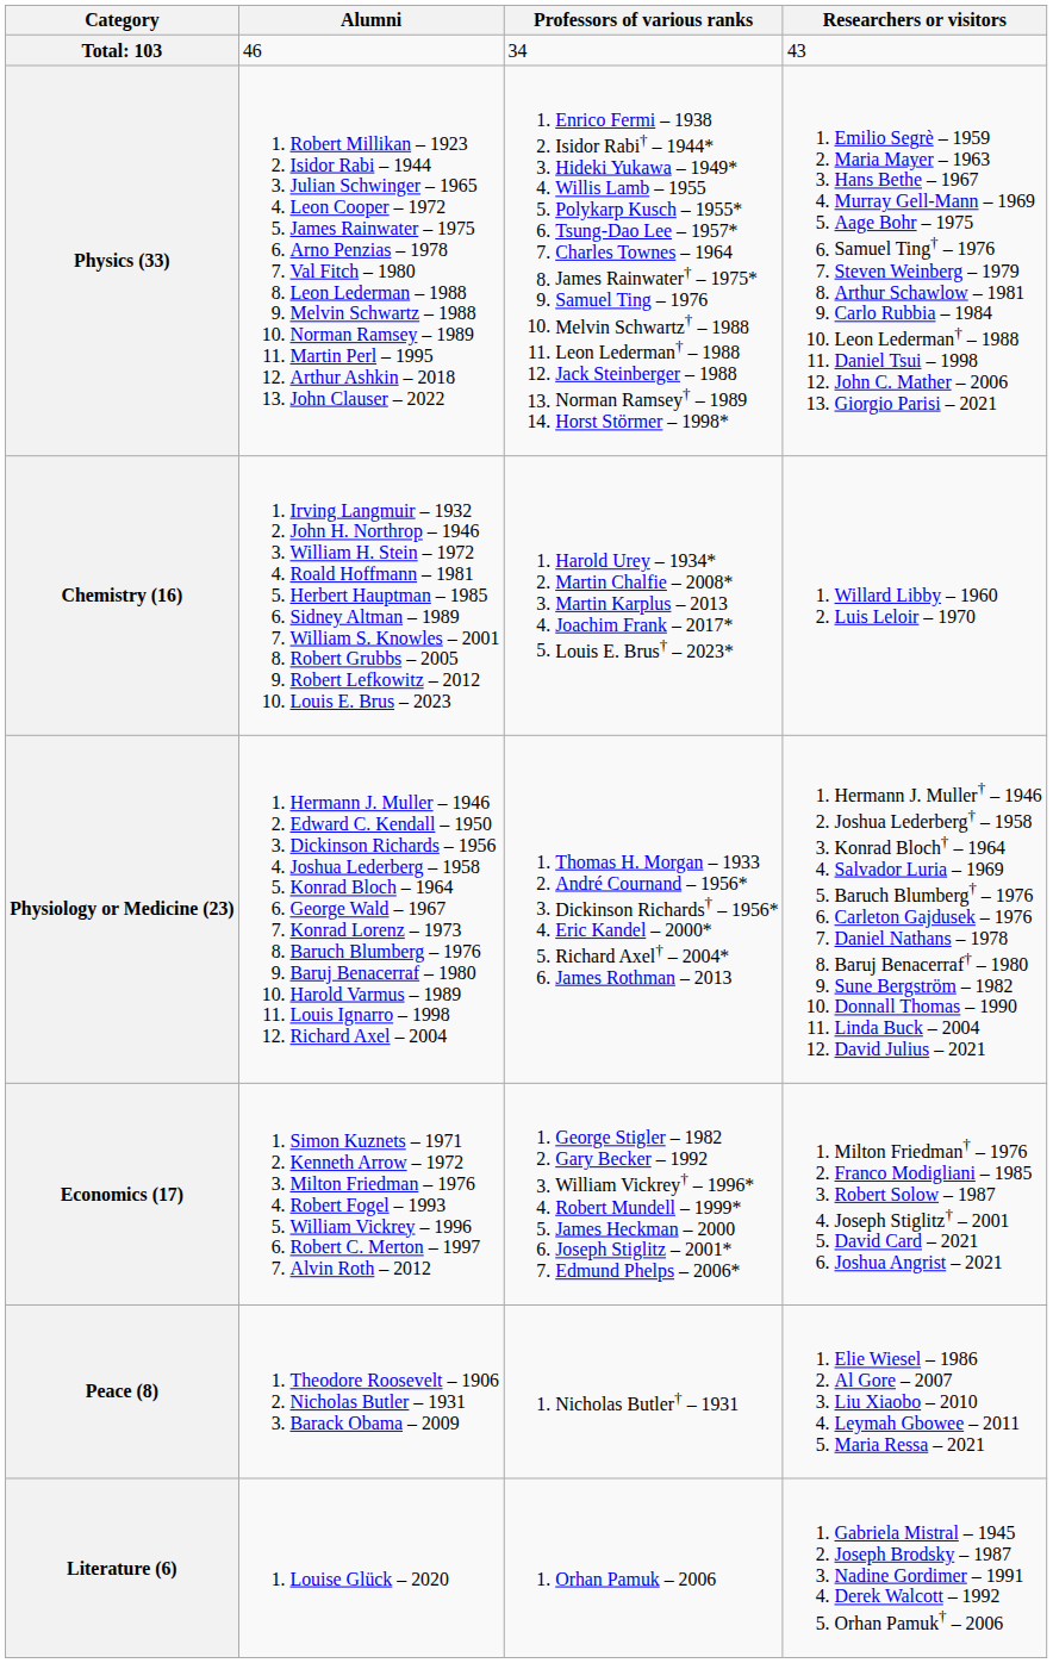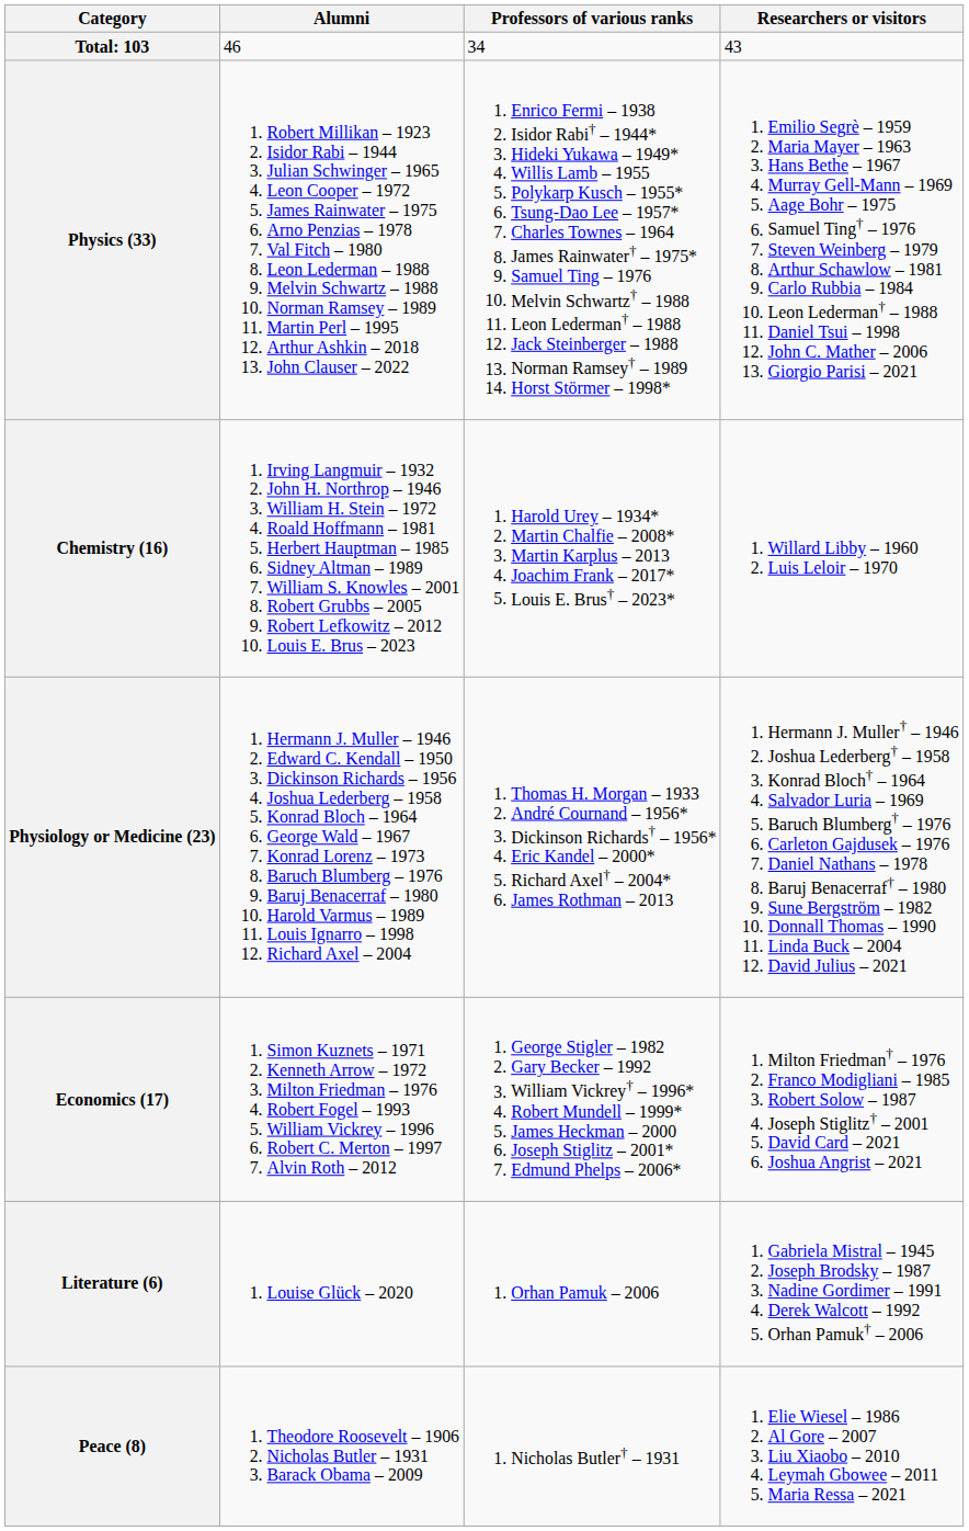 <table class="wikitable">
 <tr>
 <th scope=col>Category</th>
 <th scope=col>Alumni</th>
 <th scope=col>Professors of various ranks</th>
 <th scope=col>Researchers or visitors</th>
 </tr>
 <tr>
 <th scope=row><strong>Total</strong>: 103</th>
 <td>46</td>
 <td>34</td>
 <td>43</td>
 </tr>
 <tr>
 <th scope=row>Physics (33)</th>
 <td><br><ol><li><a href='#'>Robert Millikan</a> – 1923</li><li><a href='#'>Isidor Rabi</a> – 1944</li><li><a href='#'>Julian Schwinger</a> – 1965</li><li><a href='#'>Leon Cooper</a> – 1972</li><li><a href='#'>James Rainwater</a> – 1975</li><li><a href='#'>Arno Penzias</a> – 1978</li><li><a href='#'>Val Fitch</a> – 1980</li><li><a href='#'>Leon Lederman</a> – 1988</li><li><a href='#'>Melvin Schwartz</a> – 1988</li><li><a href='#'>Norman Ramsey</a> – 1989</li><li><a href='#'>Martin Perl</a> – 1995</li><li><a href='#'>Arthur Ashkin</a> – 2018</li><li><a href='#'>John Clauser</a> – 2022</li></ol></td>
 <td><br><ol><li><a href='#'>Enrico Fermi</a> – 1938</li><li>Isidor Rabi<sup>†</sup> – 1944*</li><li><a href='#'>Hideki Yukawa</a> – 1949*</li><li><a href='#'>Willis Lamb</a> – 1955</li><li><a href='#'>Polykarp Kusch</a> – 1955*</li><li><a href='#'>Tsung-Dao Lee</a> – 1957*</li><li><a href='#'>Charles Townes</a> – 1964</li><li>James Rainwater<sup>†</sup> – 1975*</li><li><a href='#'>Samuel Ting</a> – 1976</li><li>Melvin Schwartz<sup>†</sup> – 1988</li><li>Leon Lederman<sup>†</sup> – 1988</li><li><a href='#'>Jack Steinberger</a> – 1988</li><li>Norman Ramsey<sup>†</sup> – 1989</li><li><a href='#'>Horst Störmer</a> – 1998*</li></ol></td>
 <td><br><ol><li><a href='#'>Emilio Segrè</a> – 1959</li><li><a href='#'>Maria Mayer</a> – 1963</li><li><a href='#'>Hans Bethe</a> – 1967</li><li><a href='#'>Murray Gell-Mann</a> – 1969</li><li><a href='#'>Aage Bohr</a> – 1975</li><li>Samuel Ting<sup>†</sup> – 1976</li><li><a href='#'>Steven Weinberg</a> – 1979</li><li><a href='#'>Arthur Schawlow</a> – 1981</li><li><a href='#'>Carlo Rubbia</a> – 1984</li><li>Leon Lederman<sup>†</sup> – 1988</li><li><a href='#'>Daniel Tsui</a> – 1998</li><li><a href='#'>John C. Mather</a> – 2006</li><li><a href='#'>Giorgio Parisi</a> – 2021</li></ol></td>
 </tr>
 <tr>
 <th scope=row>Chemistry (16)</th>
 <td><br><ol><li><a href='#'>Irving Langmuir</a> – 1932</li><li><a href='#'>John H. Northrop</a> – 1946</li><li><a href='#'>William H. Stein</a> – 1972</li><li><a href='#'>Roald Hoffmann</a> – 1981</li><li><a href='#'>Herbert Hauptman</a> – 1985</li><li><a href='#'>Sidney Altman</a> – 1989</li><li><a href='#'>William S. Knowles</a> – 2001</li><li><a href='#'>Robert Grubbs</a> – 2005</li><li><a href='#'>Robert Lefkowitz</a> – 2012</li><li><a href='#'>Louis E. Brus</a> – 2023</li></ol></td>
 <td><br><ol><li><a href='#'>Harold Urey</a> – 1934*</li><li><a href='#'>Martin Chalfie</a> – 2008*</li><li><a href='#'>Martin Karplus</a> – 2013</li><li><a href='#'>Joachim Frank</a> – 2017*</li><li>Louis E. Brus<sup>†</sup> – 2023*</li></ol></td>
 <td><br><ol><li><a href='#'>Willard Libby</a> – 1960</li><li><a href='#'>Luis Leloir</a> – 1970</li></ol></td>
 </tr>
 <tr>
 <th scope=row>Physiology or Medicine (23)</th>
 <td><br><ol><li><a href='#'>Hermann J. Muller</a> – 1946</li><li><a href='#'>Edward C. Kendall</a> – 1950</li><li><a href='#'>Dickinson Richards</a> – 1956</li><li><a href='#'>Joshua Lederberg</a> – 1958</li><li><a href='#'>Konrad Bloch</a> – 1964</li><li><a href='#'>George Wald</a> – 1967</li><li><a href='#'>Konrad Lorenz</a> – 1973</li><li><a href='#'>Baruch Blumberg</a> – 1976</li><li><a href='#'>Baruj Benacerraf</a> – 1980</li><li><a href='#'>Harold Varmus</a> – 1989</li><li><a href='#'>Louis Ignarro</a> – 1998</li><li><a href='#'>Richard Axel</a> – 2004</li></ol></td>
 <td><br><ol><li><a href='#'>Thomas H. Morgan</a> – 1933</li><li><a href='#'>André Cournand</a> – 1956*</li><li>Dickinson Richards<sup>†</sup> – 1956*</li><li><a href='#'>Eric Kandel</a> – 2000*</li><li>Richard Axel<sup>†</sup> – 2004*</li><li><a href='#'>James Rothman</a> – 2013</li></ol></td>
 <td><br><ol><li>Hermann J. Muller<sup>†</sup> – 1946</li><li>Joshua Lederberg<sup>†</sup> – 1958</li><li>Konrad Bloch<sup>†</sup> – 1964</li><li><a href='#'>Salvador Luria</a> – 1969</li><li>Baruch Blumberg<sup>†</sup> – 1976</li><li><a href='#'>Carleton Gajdusek</a> – 1976</li><li><a href='#'>Daniel Nathans</a> – 1978</li><li>Baruj Benacerraf<sup>†</sup> – 1980</li><li><a href='#'>Sune Bergström</a> – 1982</li><li><a href='#'>Donnall Thomas</a> – 1990</li><li><a href='#'>Linda Buck</a> – 2004</li><li><a href='#'>David Julius</a> – 2021</li></ol></td>
 </tr>
 <tr>
 <th scope=row>Economics (17)</th>
 <td><br><ol><li><a href='#'>Simon Kuznets</a> – 1971</li><li><a href='#'>Kenneth Arrow</a> – 1972</li><li><a href='#'>Milton Friedman</a> – 1976</li><li><a href='#'>Robert Fogel</a> – 1993</li><li><a href='#'>William Vickrey</a> – 1996</li><li><a href='#'>Robert C. Merton</a> – 1997</li><li><a href='#'>Alvin Roth</a> – 2012</li></ol></td>
 <td><br><ol><li><a href='#'>George Stigler</a> – 1982</li><li><a href='#'>Gary Becker</a> – 1992</li><li>William Vickrey<sup>†</sup> – 1996*</li><li><a href='#'>Robert Mundell</a> – 1999*</li><li><a href='#'>James Heckman</a> – 2000</li><li><a href='#'>Joseph Stiglitz</a> – 2001*</li><li><a href='#'>Edmund Phelps</a> – 2006*</li></ol></td>
 <td><br><ol><li>Milton Friedman<sup>†</sup> – 1976</li><li><a href='#'>Franco Modigliani</a> – 1985</li><li><a href='#'>Robert Solow</a> – 1987</li><li>Joseph Stiglitz<sup>†</sup> – 2001</li><li><a href='#'>David Card</a> – 2021</li><li><a href='#'>Joshua Angrist</a> – 2021</li></ol></td>
 </tr>
 <tr>
+<th scope=row>Literature (6)</th>
+<td><br><ol><li><a href='#'>Louise Glück</a> – 2020</li></ol></td>
+<td><br><ol><li><a href='#'>Orhan Pamuk</a> – 2006</li></ol></td>
+<td><br><ol><li><a href='#'>Gabriela Mistral</a> – 1945</li><li><a href='#'>Joseph Brodsky</a> – 1987</li><li><a href='#'>Nadine Gordimer</a> – 1991</li><li><a href='#'>Derek Walcott</a> – 1992</li><li>Orhan Pamuk<sup>†</sup> – 2006</li></ol></td>
+</tr>
+<tr>
 <th scope=row>Peace (8)</th>
 <td><br><ol><li><a href='#'>Theodore Roosevelt</a> – 1906</li><li><a href='#'>Nicholas Butler</a> – 1931</li><li><a href='#'>Barack Obama</a> – 2009</li></ol></td>
 <td><br><ol><li>Nicholas Butler<sup>†</sup> – 1931</li></ol></td>
 <td><br><ol><li><a href='#'>Elie Wiesel</a> – 1986</li><li><a href='#'>Al Gore</a> – 2007</li><li><a href='#'>Liu Xiaobo</a> – 2010</li><li><a href='#'>Leymah Gbowee</a> – 2011</li><li><a href='#'>Maria Ressa</a> – 2021</li></ol></td>
 </tr>
-<tr>
-<th scope=row>Literature (6)</th>
-<td><br><ol><li><a href='#'>Louise Glück</a> – 2020</li></ol></td>
-<td><br><ol><li><a href='#'>Orhan Pamuk</a> – 2006</li></ol></td>
-<td><br><ol><li><a href='#'>Gabriela Mistral</a> – 1945</li><li><a href='#'>Joseph Brodsky</a> – 1987</li><li><a href='#'>Nadine Gordimer</a> – 1991</li><li><a href='#'>Derek Walcott</a> – 1992</li><li>Orhan Pamuk<sup>†</sup> – 2006</li></ol></td>
-</tr>
 </table>
